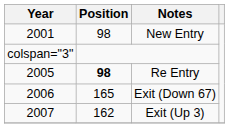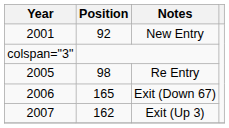 <table class="wikitable plainrowheaders" style="text-align:center;">
 <tr>
 <th>Year</th>
 <th>Position</th>
 <th>Notes</th>
 <th></th>
 </tr>
 <tr>
 <td>2001</td>
-<td>98</td>
+<td>92</td>
 <td>New Entry</td>
 <td rowspan="5"></td>
 </tr>
 <tr>
 <td>colspan="3" </td>
 </tr>
 <tr>
 <td>2005</td>
-<td><strong>98</strong></td>
+<td>98</td>
 <td>Re Entry</td>
 </tr>
 <tr>
 <td>2006</td>
 <td>165</td>
 <td>Exit (Down 67)</td>
 </tr>
 <tr>
 <td>2007</td>
 <td>162</td>
 <td>Exit (Up 3)</td>
 </tr>
 <tr>
 </tr>
 </table>
